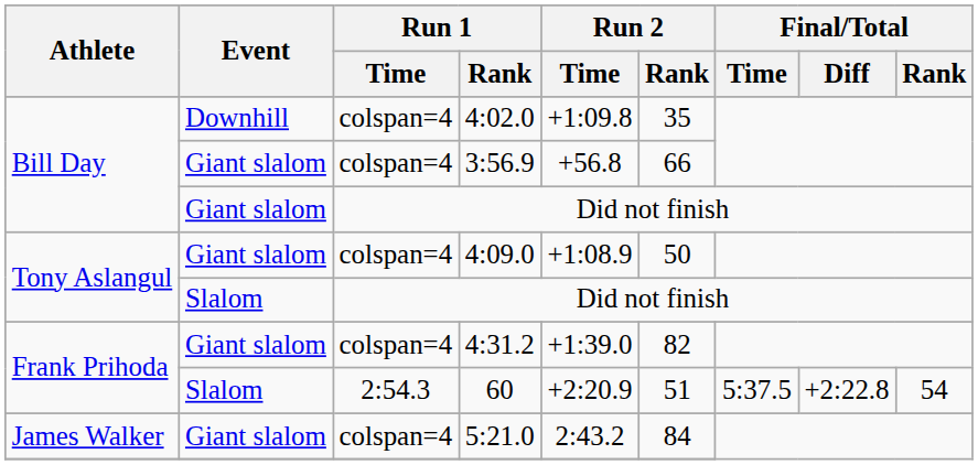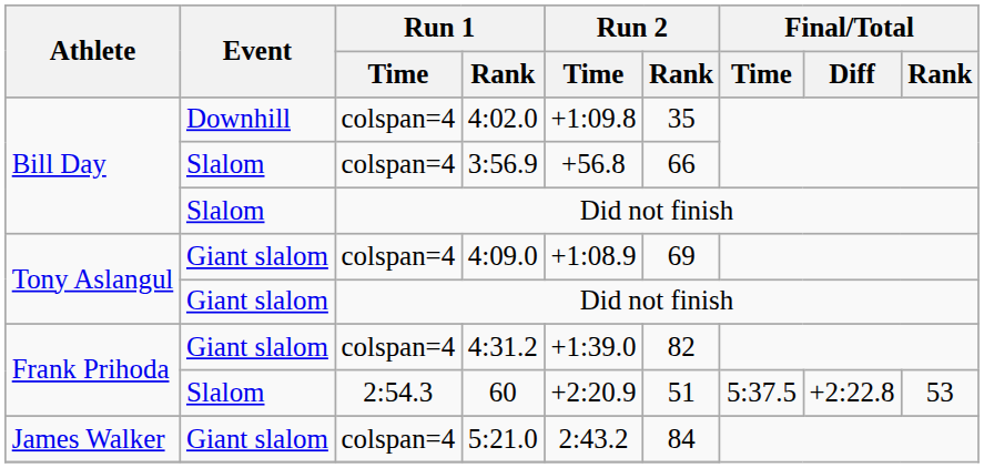 <table class="wikitable" style="font-size:90%">
 <tr>
 <th rowspan="2">Athlete</th>
 <th rowspan="2">Event</th>
 <th colspan="2">Run 1</th>
 <th colspan="2">Run 2</th>
 <th colspan="3">Final/Total</th>
 </tr>
 <tr>
 <th>Time</th>
 <th>Rank</th>
 <th>Time</th>
 <th>Rank</th>
 <th>Time</th>
 <th>Diff</th>
 <th>Rank</th>
 </tr>
 <tr align="center">
 <td align="left" rowspan=3><a href='#'>Bill Day</a></td>
 <td align="left"><a href='#'>Downhill</a></td>
 <td>colspan=4 </td>
 <td>4:02.0</td>
 <td>+1:09.8</td>
 <td>35</td>
 </tr>
 <tr align="center">
-<td align="left"><a href='#'>Giant slalom</a></td>
+<td align="left"><a href='#'>Slalom</a></td>
 <td>colspan=4 </td>
 <td>3:56.9</td>
 <td>+56.8</td>
 <td>66</td>
 </tr>
 <tr align="center">
-<td align="left"><a href='#'>Giant slalom</a></td>
+<td align="left"><a href='#'>Slalom</a></td>
 <td colspan=7>Did not finish</td>
 </tr>
 <tr align="center">
 <td align="left" rowspan=2><a href='#'>Tony Aslangul</a></td>
 <td align="left"><a href='#'>Giant slalom</a></td>
 <td>colspan=4 </td>
 <td>4:09.0</td>
 <td>+1:08.9</td>
-<td>50</td>
+<td>69</td>
 </tr>
 <tr align="center">
-<td align="left"><a href='#'>Slalom</a></td>
+<td align="left"><a href='#'>Giant slalom</a></td>
 <td colspan=7>Did not finish</td>
 </tr>
 <tr align="center">
 <td align="left" rowspan=2><a href='#'>Frank Prihoda</a></td>
 <td align="left"><a href='#'>Giant slalom</a></td>
 <td>colspan=4 </td>
 <td>4:31.2</td>
 <td>+1:39.0</td>
 <td>82</td>
 </tr>
 <tr align="center">
 <td align="left"><a href='#'>Slalom</a></td>
 <td>2:54.3</td>
 <td>60</td>
 <td>+2:20.9</td>
 <td>51</td>
 <td>5:37.5</td>
 <td>+2:22.8</td>
-<td>54</td>
+<td>53</td>
 </tr>
 <tr align="center">
 <td align="left"><a href='#'>James Walker</a></td>
 <td align="left"><a href='#'>Giant slalom</a></td>
 <td>colspan=4 </td>
 <td>5:21.0</td>
 <td>2:43.2</td>
 <td>84</td>
 </tr>
 <tr align="center">
 </tr>
 </table>
